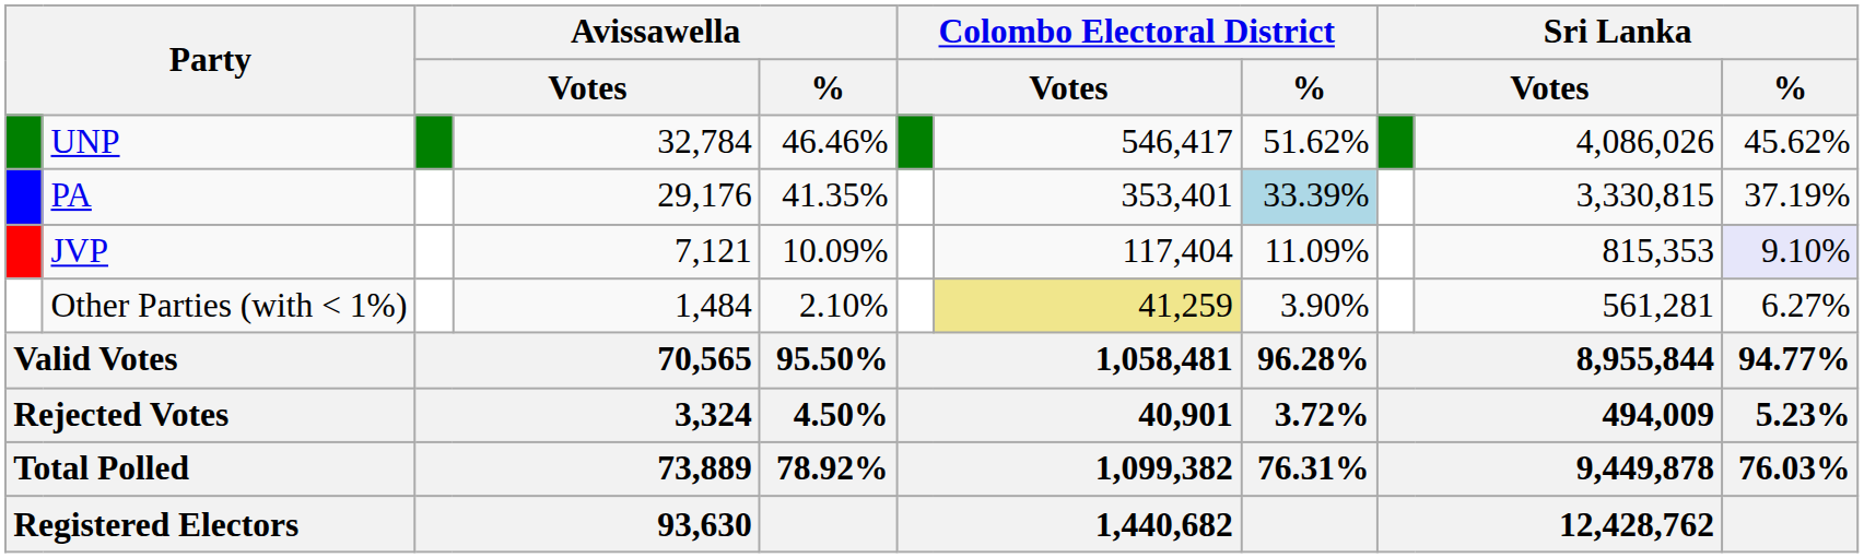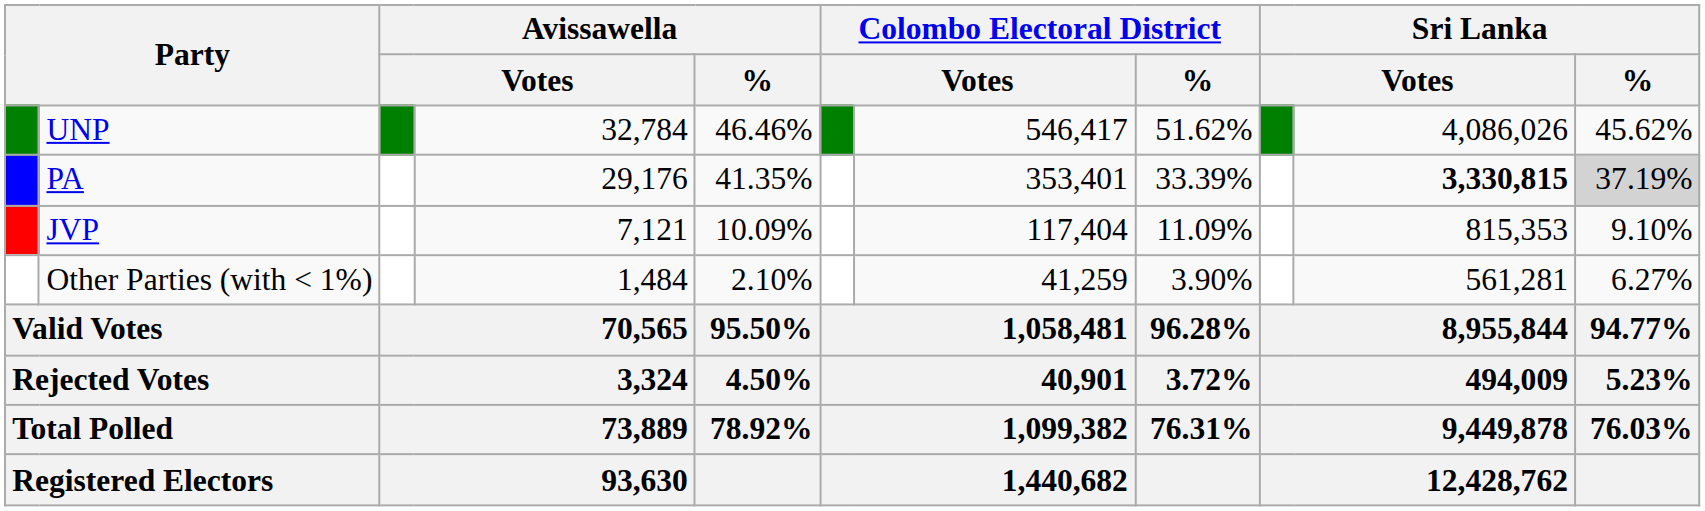 <table class="wikitable">
 <tr>
 <th colspan="2" width="144px"rowspan="2">Party</th>
 <th colspan="3" width="216px">Avissawella</th>
 <th colspan="3" width="216px"><a href='#'>Colombo Electoral District</a></th>
 <th colspan="3" width="216px">Sri Lanka</th>
 </tr>
 <tr>
 <th colspan="2" width="144px">Votes</th>
 <th>%</th>
 <th colspan="2" width="144px">Votes</th>
 <th>%</th>
 <th colspan="2" width="144px">Votes</th>
 <th>%</th>
 </tr>
 <tr>
 <td style="background-color:green;" width="10px"></td>
 <td style="text-align:left;"><a href='#'>UNP</a></td>
 <td style="background-color:green;" width="10px"></td>
 <td style="text-align:right;">32,784</td>
 <td style="text-align:right;">46.46%</td>
 <td style="background-color:green;" width="10px"></td>
 <td style="text-align:right;">546,417</td>
 <td style="text-align:right;">51.62%</td>
 <td style="background-color:green;" width="10px"></td>
 <td style="text-align:right;">4,086,026</td>
 <td style="text-align:right;">45.62%</td>
 </tr>
 <tr>
 <td style="background-color:blue;" width="10px"></td>
 <td style="text-align:left;"><a href='#'>PA</a></td>
 <td style="background-color:white;" width="10px"></td>
 <td style="text-align:right;">29,176</td>
 <td style="text-align:right;">41.35%</td>
 <td style="background-color:white;" width="10px"></td>
 <td style="text-align:right;">353,401</td>
-<td style="background: lightblue; text-align:right;">33.39%</td>
+<td style="text-align:right;">33.39%</td>
 <td style="background-color:white;" width="10px"></td>
-<td style="text-align:right;">3,330,815</td>
-<td style="text-align:right;">37.19%</td>
+<td style="text-align:right;"><strong>3,330,815</strong></td>
+<td style="background: lightgrey; text-align:right;">37.19%</td>
 </tr>
 <tr>
 <td style="background-color:red;" width="10px"></td>
 <td style="text-align:left;"><a href='#'>JVP</a></td>
 <td style="background-color:white;" width="10px"></td>
 <td style="text-align:right;">7,121</td>
 <td style="text-align:right;">10.09%</td>
 <td style="background-color:white;" width="10px"></td>
 <td style="text-align:right;">117,404</td>
 <td style="text-align:right;">11.09%</td>
 <td style="background-color:white;" width="10px"></td>
 <td style="text-align:right;">815,353</td>
-<td style="background: lavender; text-align:right;">9.10%</td>
+<td style="text-align:right;">9.10%</td>
 </tr>
 <tr>
 <td style="background-color:white;" width="10px"></td>
 <td style="text-align:left;">Other Parties (with < 1%)</td>
 <td style="background-color:white;" width="10px"></td>
 <td style="text-align:right;">1,484</td>
 <td style="text-align:right;">2.10%</td>
 <td style="background-color:white;" width="10px"></td>
-<td style="background: khaki; text-align:right;">41,259</td>
+<td style="text-align:right;">41,259</td>
 <td style="text-align:right;">3.90%</td>
 <td style="background-color:white;" width="10px"></td>
 <td style="text-align:right;">561,281</td>
 <td style="text-align:right;">6.27%</td>
 </tr>
 <tr>
 <th colspan="2" width="144px"style="text-align:left;">Valid Votes</th>
 <th style="text-align:right;"colspan="2" width="144px">70,565</th>
 <th style="text-align:right;">95.50%</th>
 <th style="text-align:right;"colspan="2" width="144px">1,058,481</th>
 <th style="text-align:right;">96.28%</th>
 <th style="text-align:right;"colspan="2" width="144px">8,955,844</th>
 <th style="text-align:right;">94.77%</th>
 </tr>
 <tr>
 <th colspan="2" width="144px"style="text-align:left;">Rejected Votes</th>
 <th style="text-align:right;"colspan="2" width="144px">3,324</th>
 <th style="text-align:right;">4.50%</th>
 <th style="text-align:right;"colspan="2" width="144px">40,901</th>
 <th style="text-align:right;">3.72%</th>
 <th style="text-align:right;"colspan="2" width="144px">494,009</th>
 <th style="text-align:right;">5.23%</th>
 </tr>
 <tr>
 <th colspan="2" width="144px"style="text-align:left;">Total Polled</th>
 <th style="text-align:right;"colspan="2" width="144px">73,889</th>
 <th style="text-align:right;">78.92%</th>
 <th style="text-align:right;"colspan="2" width="144px">1,099,382</th>
 <th style="text-align:right;">76.31%</th>
 <th style="text-align:right;"colspan="2" width="144px">9,449,878</th>
 <th style="text-align:right;">76.03%</th>
 </tr>
 <tr>
 <th colspan="2" width="144px"style="text-align:left;">Registered Electors</th>
 <th style="text-align:right;"colspan="2" width="144px">93,630</th>
 <th></th>
 <th style="text-align:right;"colspan="2" width="144px">1,440,682</th>
 <th></th>
 <th style="text-align:right;"colspan="2" width="144px">12,428,762</th>
 <th></th>
 </tr>
 </table>
